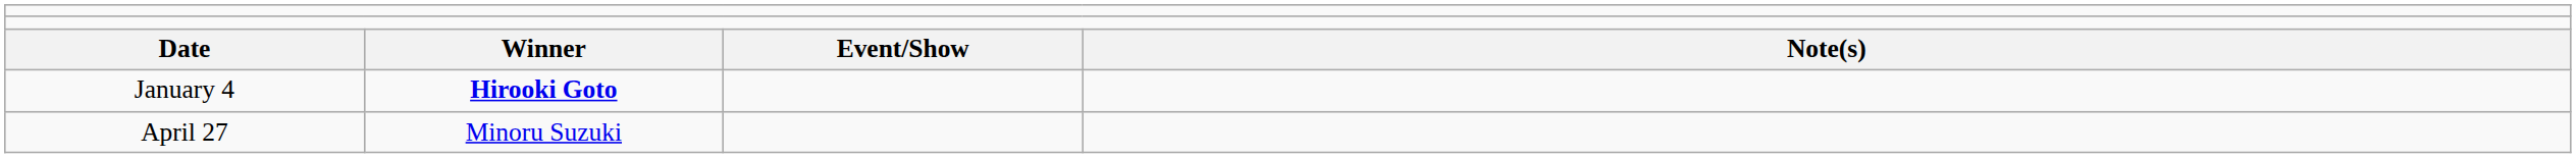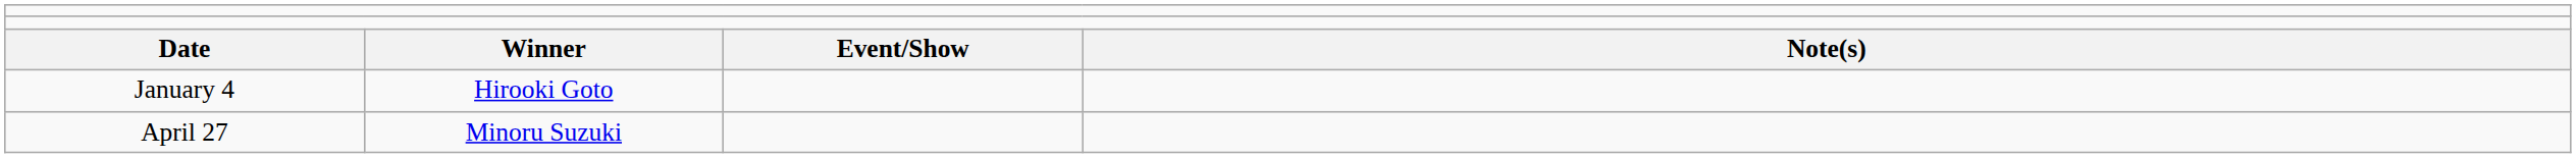 <table class="wikitable" style="text-align:center; width:100%;">
 <tr>
 <td colspan="5"></td>
 </tr>
 <tr>
 <td colspan="5"><strong></strong></td>
 </tr>
 <tr>
 <th width=14%>Date</th>
 <th width=14%>Winner</th>
 <th width=14%>Event/Show</th>
 <th width=58%>Note(s)</th>
 </tr>
 <tr>
 <td>January 4</td>
-<td><strong><a href='#'>Hirooki Goto</a></strong></td>
+<td><a href='#'>Hirooki Goto</a></td>
 <td></td>
 <td align=left></td>
 </tr>
 <tr>
 <td>April 27</td>
 <td><a href='#'>Minoru Suzuki</a></td>
 <td></td>
 <td align=left></td>
 </tr>
 </table>
